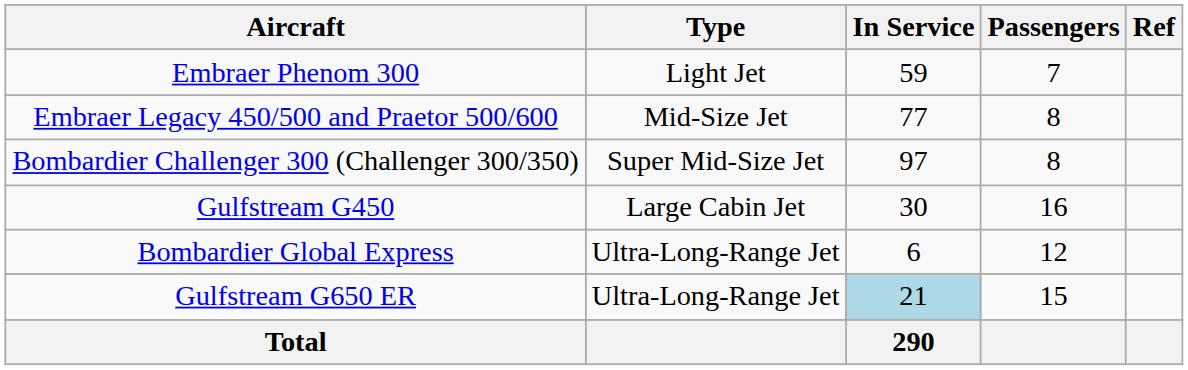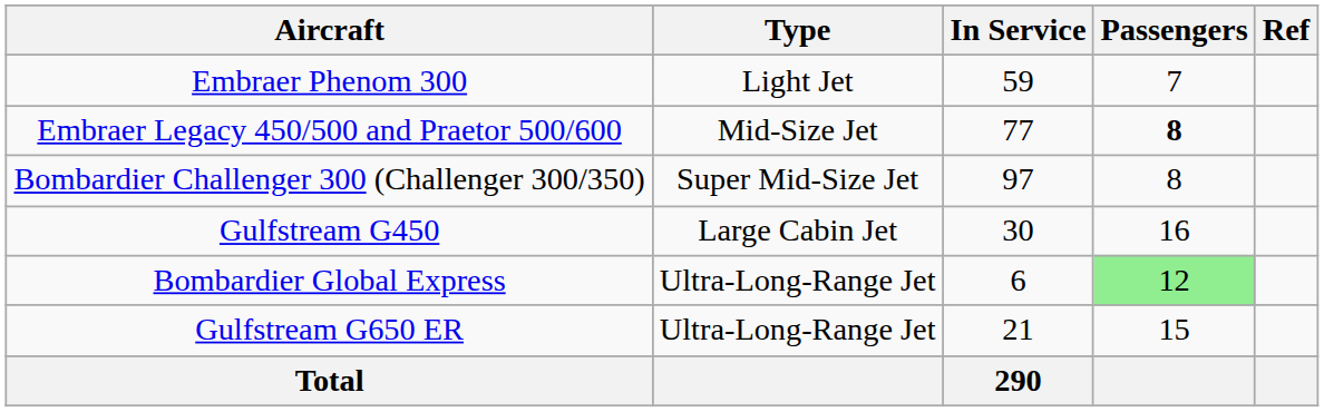 <table class="wikitable sortable" style="border-collapse:collapse;text-align:center;margin:1em auto;">
 <tr>
 <th>Aircraft</th>
 <th>Type</th>
 <th>In Service</th>
 <th>Passengers</th>
 <th class="unsortable">Ref</th>
 </tr>
 <tr>
 <td><a href='#'>Embraer Phenom 300</a></td>
 <td>Light Jet</td>
 <td>59</td>
 <td>7</td>
 <td></td>
 </tr>
 <tr>
 <td><a href='#'>Embraer Legacy 450/500 and Praetor 500/600</a></td>
 <td>Mid-Size Jet</td>
 <td>77</td>
-<td>8</td>
+<td><strong>8</strong></td>
 <td></td>
 </tr>
 <tr>
 <td><a href='#'>Bombardier Challenger 300</a> (Challenger 300/350)</td>
 <td>Super Mid-Size Jet</td>
 <td>97</td>
 <td>8</td>
 <td></td>
 </tr>
 <tr>
 <td><a href='#'>Gulfstream G450</a></td>
 <td>Large Cabin Jet</td>
 <td>30</td>
 <td>16</td>
 <td></td>
 </tr>
 <tr>
 <td><a href='#'>Bombardier Global Express</a></td>
 <td>Ultra-Long-Range Jet</td>
 <td>6</td>
-<td>12</td>
+<td style="background: lightgreen;">12</td>
 <td></td>
 </tr>
 <tr>
 <td><a href='#'>Gulfstream G650 ER</a></td>
 <td>Ultra-Long-Range Jet</td>
-<td style="background: lightblue;">21</td>
+<td>21</td>
 <td>15</td>
 <td></td>
 </tr>
 <tr>
 <th>Total</th>
 <th></th>
 <th>290</th>
 <th></th>
 <th colspan="7" class="unsortable"></th>
 </tr>
 </table>
